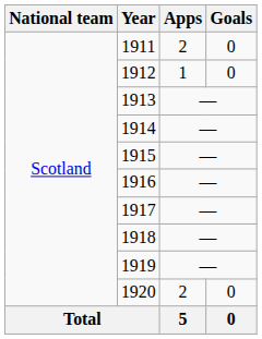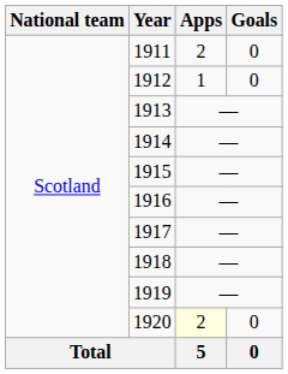 <table class="wikitable" style="text-align:center">
 <tr>
 <th>National team</th>
 <th>Year</th>
 <th>Apps</th>
 <th>Goals</th>
 </tr>
 <tr>
 <td rowspan="10"><a href='#'>Scotland</a></td>
 <td>1911</td>
 <td>2</td>
 <td>0</td>
 </tr>
 <tr>
 <td>1912</td>
 <td>1</td>
 <td>0</td>
 </tr>
 <tr>
 <td>1913</td>
 <td colspan="2">—</td>
 </tr>
 <tr>
 <td>1914</td>
 <td colspan="2">—</td>
 </tr>
 <tr>
 <td>1915</td>
 <td colspan="2">—</td>
 </tr>
 <tr>
 <td>1916</td>
 <td colspan="2">—</td>
 </tr>
 <tr>
 <td>1917</td>
 <td colspan="2">—</td>
 </tr>
 <tr>
 <td>1918</td>
 <td colspan="2">—</td>
 </tr>
 <tr>
 <td>1919</td>
 <td colspan="2">—</td>
 </tr>
 <tr>
 <td>1920</td>
-<td>2</td>
+<td style="background: lightyellow;">2</td>
 <td>0</td>
 </tr>
 <tr>
 <th colspan="2">Total</th>
 <th>5</th>
 <th>0</th>
 </tr>
 </table>
